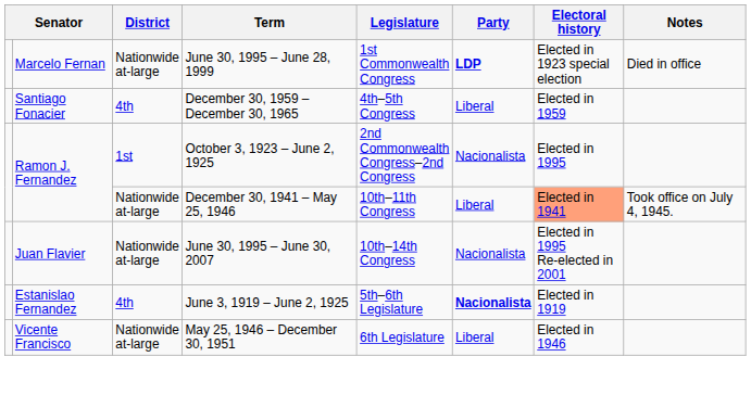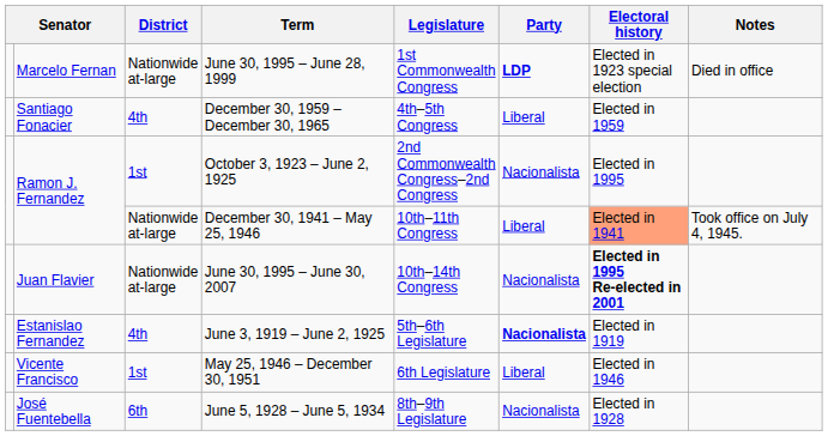 <table class="wikitable" style="font-size:95%" width=99%>
 <tr>
 <th width=15% colspan="2">Senator</th>
 <th width=8%><a href='#'>District</a></th>
 <th width=25%>Term</th>
 <th width=12%><a href='#'>Legislature</a></th>
 <th width=10%><a href='#'>Party</a></th>
 <th width=12.5%><a href='#'>Electoral history</a></th>
 <th width=17.5%>Notes</th>
 </tr>
 <tr>
 <td width=1% style="background-color:"></td>
 <td><a href='#'>Marcelo Fernan</a></td>
 <td>Nationwide at-large</td>
 <td>June 30, 1995 – June 28, 1999</td>
 <td><a href='#'>1st Commonwealth Congress</a></td>
 <td><strong><a href='#'>LDP</a></strong></td>
 <td>Elected in 1923 special election</td>
 <td>Died in office</td>
 </tr>
 <tr>
 <td style="background-color:"></td>
 <td><a href='#'>Santiago Fonacier</a></td>
 <td><a href='#'>4th</a></td>
 <td>December 30, 1959 – December 30, 1965</td>
 <td><a href='#'>4th</a>–<a href='#'>5th Congress</a></td>
 <td><a href='#'>Liberal</a></td>
 <td>Elected in <a href='#'>1959</a></td>
 <td></td>
 </tr>
 <tr>
 <td rowspan="2" style="background-color:"></td>
 <td rowspan="2"><a href='#'>Ramon J. Fernandez</a></td>
 <td><a href='#'>1st</a></td>
 <td>October 3, 1923 – June 2, 1925</td>
 <td><a href='#'>2nd Commonwealth Congress</a>–<a href='#'>2nd Congress</a></td>
 <td><a href='#'>Nacionalista</a></td>
 <td>Elected in <a href='#'>1995</a></td>
 <td></td>
 </tr>
 <tr>
 <td>Nationwide at-large</td>
 <td>December 30, 1941 – May 25, 1946</td>
 <td><a href='#'>10th</a>–<a href='#'>11th Congress</a></td>
 <td><a href='#'>Liberal</a></td>
 <td style="background: lightsalmon;">Elected in <a href='#'>1941</a></td>
 <td>Took office on July 4, 1945.</td>
 </tr>
 <tr>
 <td style="background-color:"></td>
 <td><a href='#'>Juan Flavier</a></td>
 <td>Nationwide at-large</td>
 <td>June 30, 1995 – June 30, 2007</td>
 <td><a href='#'>10th</a>–<a href='#'>14th Congress</a></td>
 <td><a href='#'>Nacionalista</a></td>
-<td>Elected in <a href='#'>1995</a><br>Re-elected in <a href='#'>2001</a></td>
+<td><strong>Elected in <a href='#'>1995</a><br>Re-elected in <a href='#'>2001</a></strong></td>
 <td></td>
 </tr>
 <tr>
 <td style="background-color:"></td>
 <td><a href='#'>Estanislao Fernandez</a></td>
 <td><a href='#'>4th</a></td>
 <td>June 3, 1919 – June 2, 1925</td>
 <td><a href='#'>5th</a>–<a href='#'>6th Legislature</a></td>
 <td><strong><a href='#'>Nacionalista</a></strong></td>
 <td>Elected in <a href='#'>1919</a></td>
 <td></td>
 </tr>
 <tr>
 <td style="background-color:"></td>
 <td><a href='#'>Vicente Francisco</a></td>
-<td>Nationwide at-large</td>
+<td><a href='#'>1st</a></td>
 <td>May 25, 1946 – December 30, 1951</td>
 <td><a href='#'>6th Legislature</a></td>
 <td><a href='#'>Liberal</a></td>
 <td>Elected in <a href='#'>1946</a></td>
 <td></td>
 </tr>
+<tr>
+<td style="background-color:"></td>
+<td><a href='#'>José Fuentebella</a></td>
+<td><a href='#'>6th</a></td>
+<td>June 5, 1928 – June 5, 1934</td>
+<td><a href='#'>8th</a>–<a href='#'>9th Legislature</a></td>
+<td><a href='#'>Nacionalista</a></td>
+<td>Elected in <a href='#'>1928</a></td>
+<td></td>
+</tr>
 </table>
